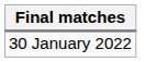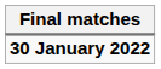 <table class=wikitable style="text-align:center;">
 <tr>
 <th colspan=1>Final matches</th>
 </tr>
 <tr style="border-top: 2px solid #333333;">
 </tr>
 <tr>
-<td>30 January 2022 </td>
+<td><strong>30 January 2022 </strong></td>
 </tr>
 </table>
